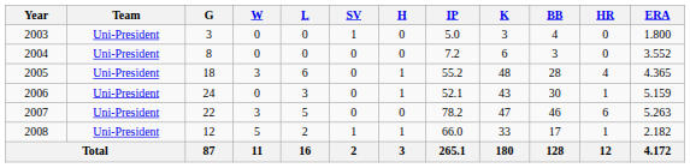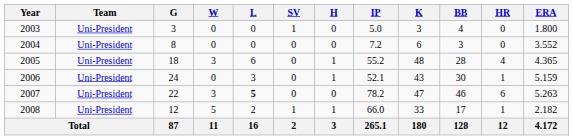 <table class="wikitable" style="text-align:center; font-size:95%">
 <tr>
 <th width = "100">Year</th>
 <th width = "200">Team</th>
 <th width = "80">G</th>
 <th width = "80"><a href='#'>W</a></th>
 <th width = "80"><a href='#'>L</a></th>
 <th width = "80"><a href='#'>SV</a></th>
 <th width = "80"><a href='#'>H</a></th>
 <th width = "80"><a href='#'>IP</a></th>
 <th width = "80"><a href='#'>K</a></th>
 <th width = "80"><a href='#'>BB</a></th>
 <th width = "80"><a href='#'>HR</a></th>
 <th width = "80"><a href='#'>ERA</a></th>
 </tr>
 <tr align="center">
 <td>2003</td>
 <td><a href='#'>Uni-President</a></td>
 <td>3</td>
 <td>0</td>
 <td>0</td>
 <td>1</td>
 <td>0</td>
 <td>5.0</td>
 <td>3</td>
 <td>4</td>
 <td>0</td>
 <td>1.800</td>
 </tr>
 <tr align="center">
 <td>2004</td>
 <td><a href='#'>Uni-President</a></td>
 <td>8</td>
 <td>0</td>
 <td>0</td>
 <td>0</td>
 <td>0</td>
 <td>7.2</td>
 <td>6</td>
 <td>3</td>
 <td>0</td>
 <td>3.552</td>
 </tr>
 <tr align="center">
 <td>2005</td>
 <td><a href='#'>Uni-President</a></td>
 <td>18</td>
 <td>3</td>
 <td>6</td>
 <td>0</td>
 <td>1</td>
 <td>55.2</td>
 <td>48</td>
 <td>28</td>
 <td>4</td>
 <td>4.365</td>
 </tr>
 <tr align="center">
 <td>2006</td>
 <td><a href='#'>Uni-President</a></td>
 <td>24</td>
 <td>0</td>
 <td>3</td>
 <td>0</td>
 <td>1</td>
 <td>52.1</td>
 <td>43</td>
 <td>30</td>
 <td>1</td>
 <td>5.159</td>
 </tr>
 <tr align="center">
 <td>2007</td>
 <td><a href='#'>Uni-President</a></td>
 <td>22</td>
 <td>3</td>
-<td>5</td>
+<td><strong>5</strong></td>
 <td>0</td>
 <td>0</td>
 <td>78.2</td>
 <td>47</td>
 <td>46</td>
 <td>6</td>
 <td>5.263</td>
 </tr>
 <tr align="center">
 <td>2008</td>
 <td><a href='#'>Uni-President</a></td>
 <td>12</td>
 <td>5</td>
 <td>2</td>
 <td>1</td>
 <td>1</td>
 <td>66.0</td>
 <td>33</td>
 <td>17</td>
 <td>1</td>
 <td>2.182</td>
 </tr>
 <tr align="center">
 <th colspan="2">Total</th>
 <th>87</th>
 <th>11</th>
 <th>16</th>
 <th>2</th>
 <th>3</th>
 <th>265.1</th>
 <th>180</th>
 <th>128</th>
 <th>12</th>
 <th>4.172</th>
 </tr>
 </table>
